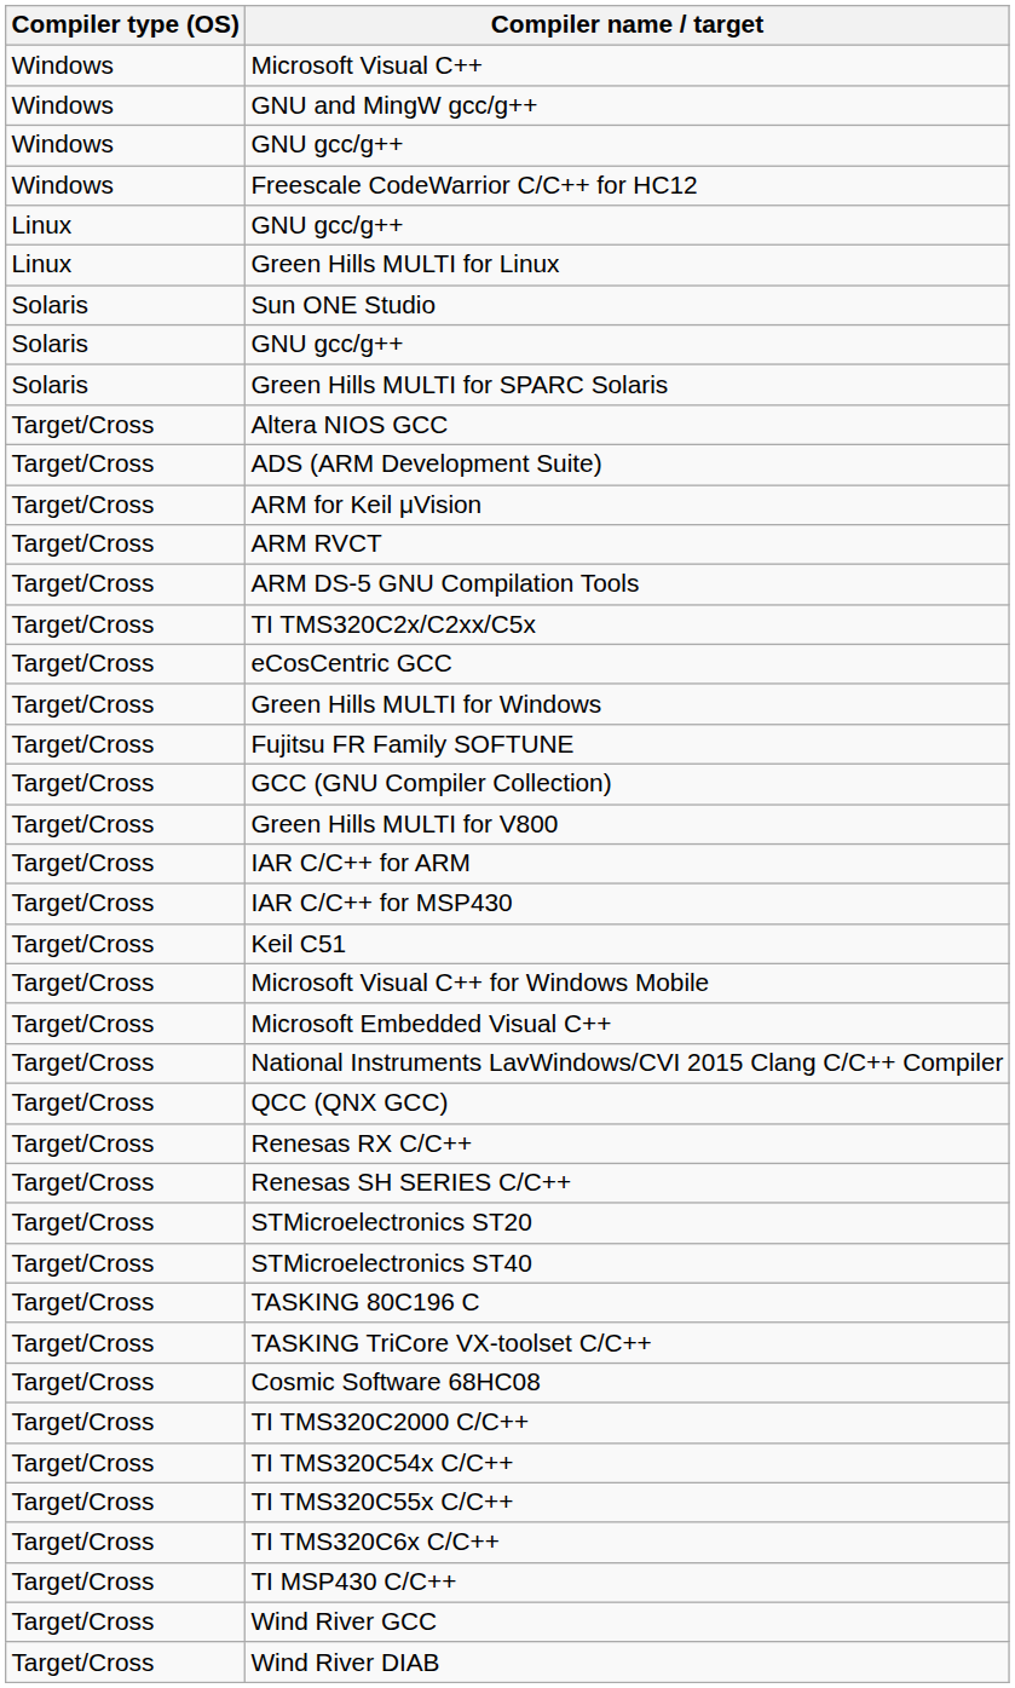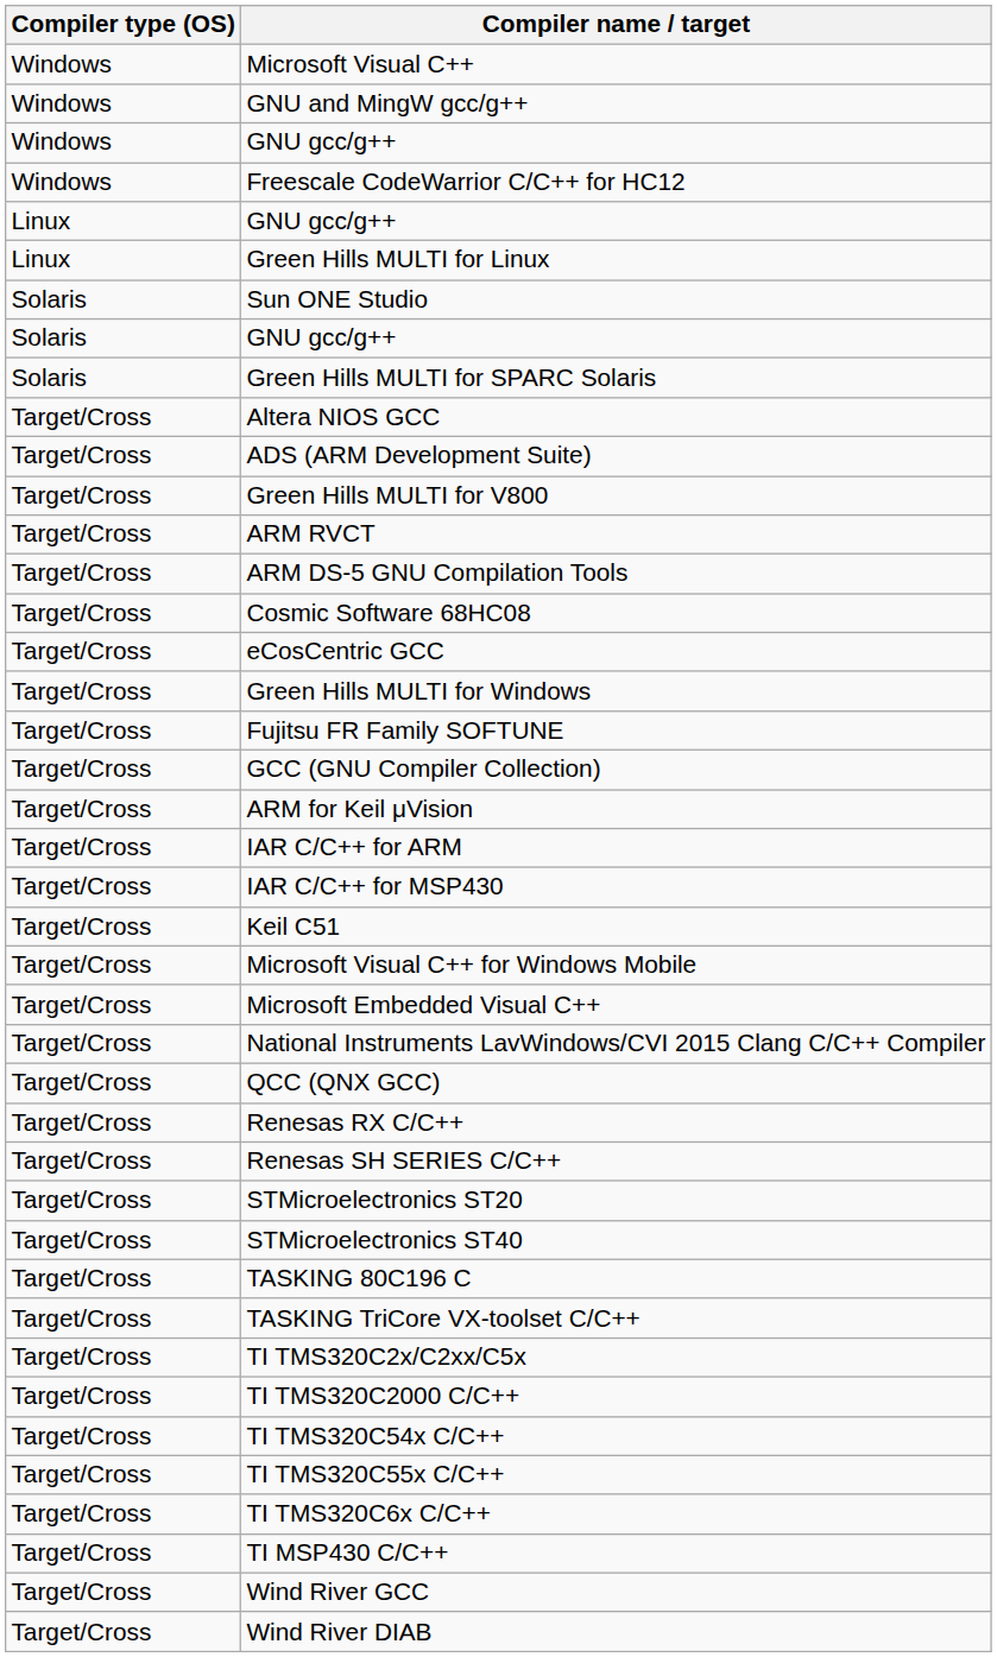 <table class="wikitable collapsible">
 <tr>
 <th>Compiler type (OS)</th>
 <th>Compiler name / target</th>
 </tr>
 <tr>
 <td>Windows</td>
 <td>Microsoft Visual C++</td>
 </tr>
 <tr>
 <td>Windows</td>
 <td>GNU and MingW gcc/g++</td>
 </tr>
 <tr>
 <td>Windows</td>
 <td>GNU gcc/g++</td>
 </tr>
 <tr>
 <td>Windows</td>
 <td>Freescale CodeWarrior C/C++ for HC12</td>
 </tr>
 <tr>
 <td>Linux</td>
 <td>GNU gcc/g++</td>
 </tr>
 <tr>
 <td>Linux</td>
 <td>Green Hills MULTI for Linux</td>
 </tr>
 <tr>
 <td>Solaris</td>
 <td>Sun ONE Studio</td>
 </tr>
 <tr>
 <td>Solaris</td>
 <td>GNU gcc/g++</td>
 </tr>
 <tr>
 <td>Solaris</td>
 <td>Green Hills MULTI for SPARC Solaris</td>
 </tr>
 <tr>
 <td>Target/Cross</td>
 <td>Altera NIOS GCC</td>
 </tr>
 <tr>
 <td>Target/Cross</td>
 <td>ADS (ARM Development Suite)</td>
 </tr>
 <tr>
 <td>Target/Cross</td>
-<td>ARM for Keil μVision</td>
+<td>Green Hills MULTI for V800</td>
 </tr>
 <tr>
 <td>Target/Cross</td>
 <td>ARM RVCT</td>
 </tr>
 <tr>
 <td>Target/Cross</td>
 <td>ARM DS-5 GNU Compilation Tools</td>
 </tr>
 <tr>
 <td>Target/Cross</td>
-<td>TI TMS320C2x/C2xx/C5x</td>
+<td>Cosmic Software 68HC08</td>
 </tr>
 <tr>
 <td>Target/Cross</td>
 <td>eCosCentric GCC</td>
 </tr>
 <tr>
 <td>Target/Cross</td>
 <td>Green Hills MULTI for Windows</td>
 </tr>
 <tr>
 <td>Target/Cross</td>
 <td>Fujitsu FR Family SOFTUNE</td>
 </tr>
 <tr>
 <td>Target/Cross</td>
 <td>GCC (GNU Compiler Collection)</td>
 </tr>
 <tr>
 <td>Target/Cross</td>
-<td>Green Hills MULTI for V800</td>
+<td>ARM for Keil μVision</td>
 </tr>
 <tr>
 <td>Target/Cross</td>
 <td>IAR C/C++ for ARM</td>
 </tr>
 <tr>
 <td>Target/Cross</td>
 <td>IAR C/C++ for MSP430</td>
 </tr>
 <tr>
 <td>Target/Cross</td>
 <td>Keil C51</td>
 </tr>
 <tr>
 <td>Target/Cross</td>
 <td>Microsoft Visual C++ for Windows Mobile</td>
 </tr>
 <tr>
 <td>Target/Cross</td>
 <td>Microsoft Embedded Visual C++</td>
 </tr>
 <tr>
 <td>Target/Cross</td>
 <td>National Instruments LavWindows/CVI 2015 Clang C/C++ Compiler</td>
 </tr>
 <tr>
 <td>Target/Cross</td>
 <td>QCC (QNX GCC)</td>
 </tr>
 <tr>
 <td>Target/Cross</td>
 <td>Renesas RX C/C++</td>
 </tr>
 <tr>
 <td>Target/Cross</td>
 <td>Renesas SH SERIES C/C++</td>
 </tr>
 <tr>
 <td>Target/Cross</td>
 <td>STMicroelectronics ST20</td>
 </tr>
 <tr>
 <td>Target/Cross</td>
 <td>STMicroelectronics ST40</td>
 </tr>
 <tr>
 <td>Target/Cross</td>
 <td>TASKING 80C196 C</td>
 </tr>
 <tr>
 <td>Target/Cross</td>
 <td>TASKING TriCore VX-toolset C/C++</td>
 </tr>
 <tr>
 <td>Target/Cross</td>
-<td>Cosmic Software 68HC08</td>
+<td>TI TMS320C2x/C2xx/C5x</td>
 </tr>
 <tr>
 <td>Target/Cross</td>
 <td>TI TMS320C2000 C/C++</td>
 </tr>
 <tr>
 <td>Target/Cross</td>
 <td>TI TMS320C54x C/C++</td>
 </tr>
 <tr>
 <td>Target/Cross</td>
 <td>TI TMS320C55x C/C++</td>
 </tr>
 <tr>
 <td>Target/Cross</td>
 <td>TI TMS320C6x C/C++</td>
 </tr>
 <tr>
 <td>Target/Cross</td>
 <td>TI MSP430 C/C++</td>
 </tr>
 <tr>
 <td>Target/Cross</td>
 <td>Wind River GCC</td>
 </tr>
 <tr>
 <td>Target/Cross</td>
 <td>Wind River DIAB</td>
 </tr>
 </table>
